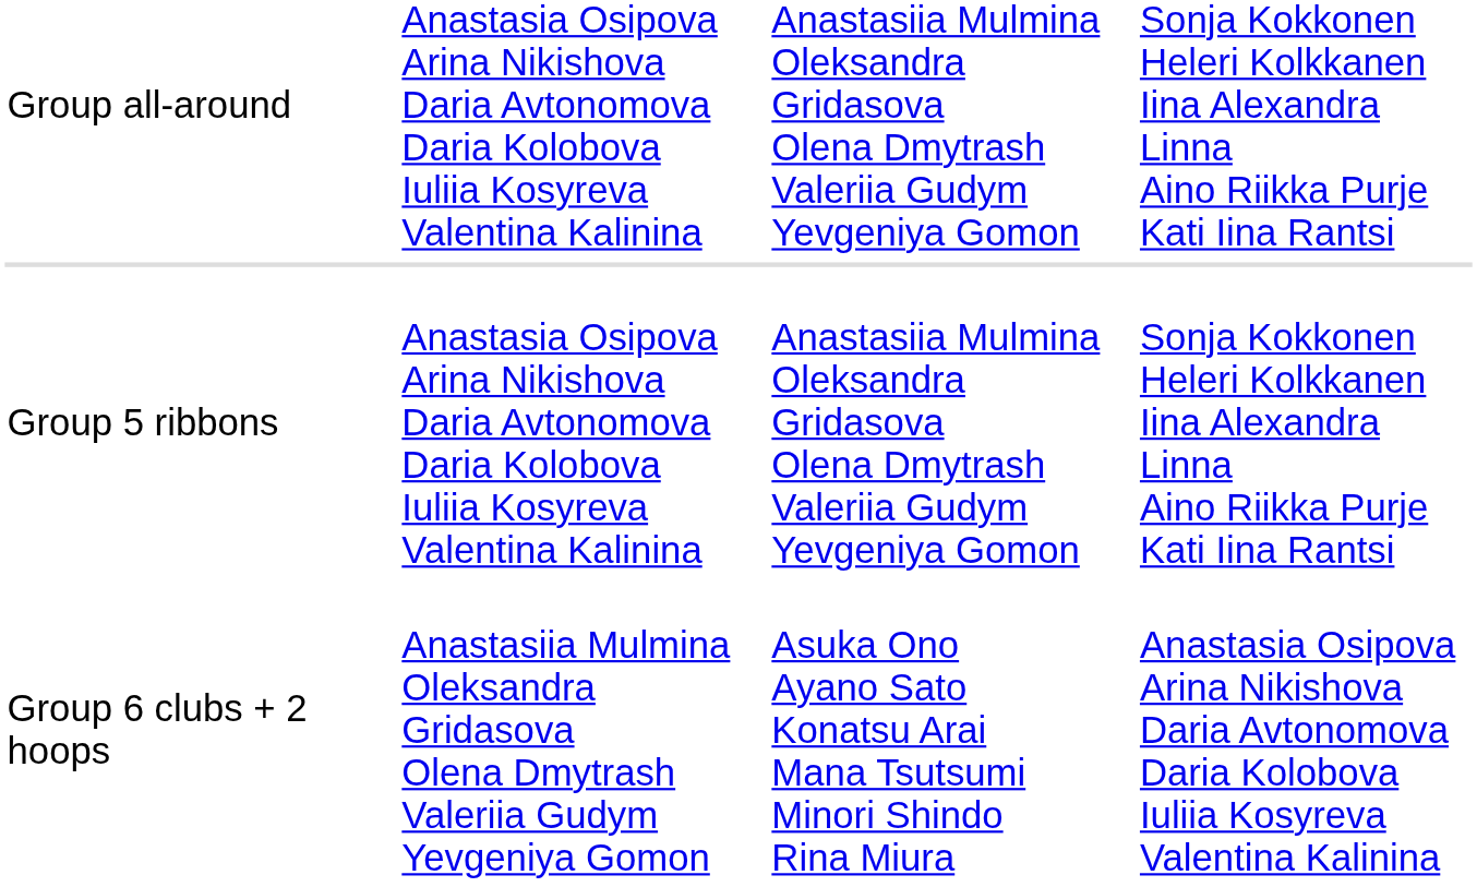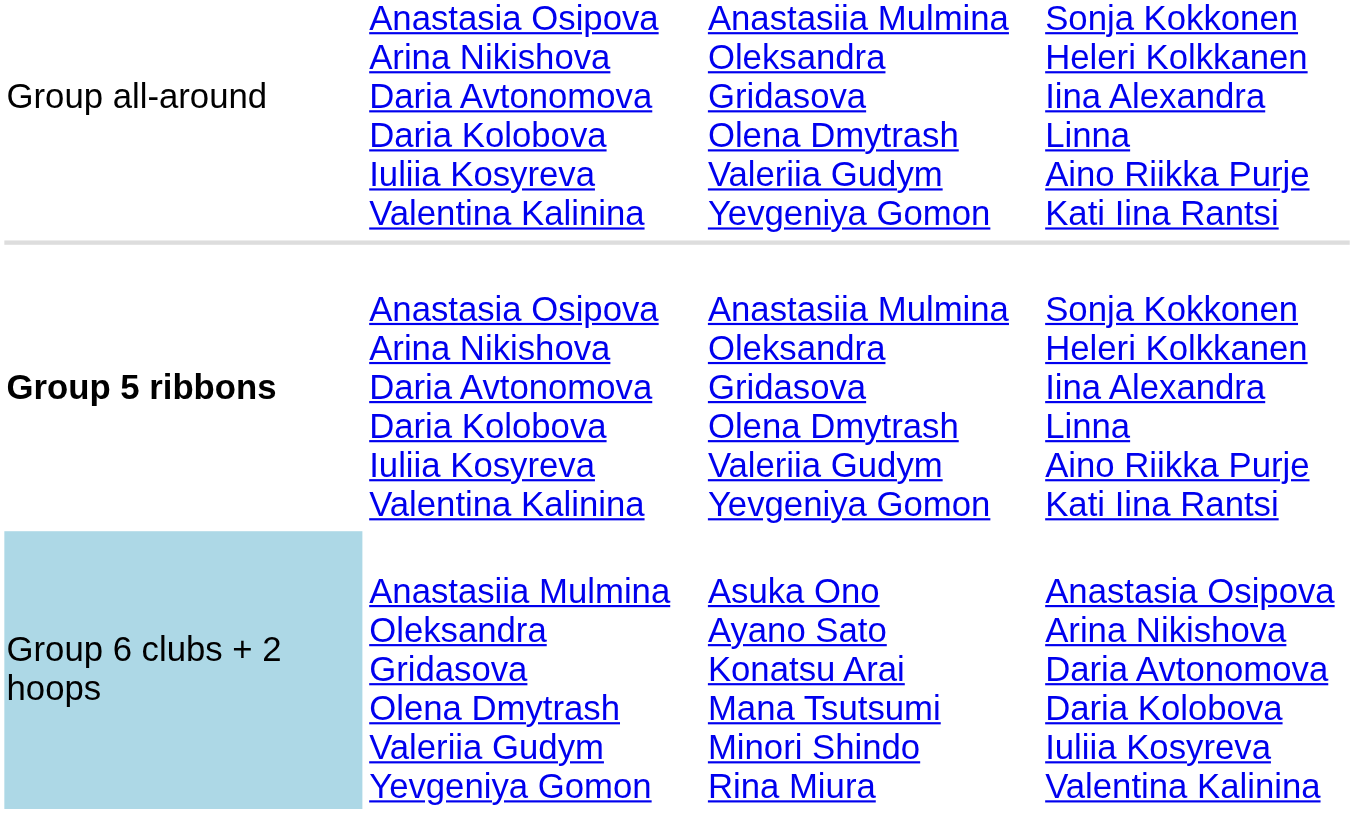 <table>
 <tr>
 <td>Group all-around<br></td>
 <td><br><a href='#'>Anastasia Osipova</a><br><a href='#'>Arina Nikishova</a><br><a href='#'>Daria Avtonomova</a><br><a href='#'>Daria Kolobova</a><br><a href='#'>Iuliia Kosyreva</a><br><a href='#'>Valentina Kalinina</a></td>
 <td><br><a href='#'>Anastasiia Mulmina</a><br><a href='#'>Oleksandra Gridasova</a><br><a href='#'>Olena Dmytrash</a><br><a href='#'>Valeriia Gudym</a><br><a href='#'>Yevgeniya Gomon</a></td>
 <td><br><a href='#'>Sonja Kokkonen</a><br><a href='#'>Heleri Kolkkanen</a><br><a href='#'>Iina Alexandra Linna</a><br><a href='#'>Aino Riikka Purje</a><br><a href='#'>Kati Iina Rantsi</a></td>
 </tr>
 <tr bgcolor=#DDDDDD>
 <td colspan=7></td>
 </tr>
 <tr>
-<td>Group 5 ribbons<br></td>
+<td><strong>Group 5 ribbons<br></strong></td>
 <td><br><a href='#'>Anastasia Osipova</a><br><a href='#'>Arina Nikishova</a><br><a href='#'>Daria Avtonomova</a><br><a href='#'>Daria Kolobova</a><br><a href='#'>Iuliia Kosyreva</a><br><a href='#'>Valentina Kalinina</a></td>
 <td><br><a href='#'>Anastasiia Mulmina</a><br><a href='#'>Oleksandra Gridasova</a><br><a href='#'>Olena Dmytrash</a><br><a href='#'>Valeriia Gudym</a><br><a href='#'>Yevgeniya Gomon</a></td>
 <td><br><a href='#'>Sonja Kokkonen</a><br><a href='#'>Heleri Kolkkanen</a><br><a href='#'>Iina Alexandra Linna</a><br><a href='#'>Aino Riikka Purje</a><br><a href='#'>Kati Iina Rantsi</a></td>
 </tr>
 <tr>
-<td>Group 6 clubs + 2 hoops<br></td>
+<td style="background: lightblue;">Group 6 clubs + 2 hoops<br></td>
 <td><br><a href='#'>Anastasiia Mulmina</a><br><a href='#'>Oleksandra Gridasova</a><br><a href='#'>Olena Dmytrash</a><br><a href='#'>Valeriia Gudym</a><br><a href='#'>Yevgeniya Gomon</a></td>
 <td><br><a href='#'>Asuka Ono</a><br><a href='#'>Ayano Sato</a><br><a href='#'>Konatsu Arai</a><br><a href='#'>Mana Tsutsumi</a><br><a href='#'>Minori Shindo</a><br><a href='#'>Rina Miura</a></td>
 <td><br><a href='#'>Anastasia Osipova</a><br><a href='#'>Arina Nikishova</a><br><a href='#'>Daria Avtonomova</a><br><a href='#'>Daria Kolobova</a><br><a href='#'>Iuliia Kosyreva</a><br><a href='#'>Valentina Kalinina</a></td>
 </tr>
 </table>
